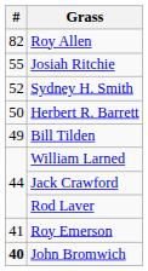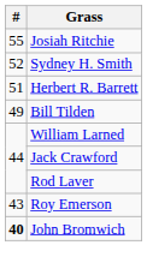 <table class=wikitable style="display:inline-table;">
 <tr>
 <th>#</th>
 <th>Grass</th>
-</tr>
-<tr>
-<td>82</td>
-<td> <a href='#'>Roy Allen</a></td>
 </tr>
 <tr>
 <td>55</td>
 <td> <a href='#'>Josiah Ritchie</a></td>
 </tr>
 <tr>
 <td>52</td>
 <td> <a href='#'>Sydney H. Smith</a></td>
 </tr>
 <tr>
-<td>50</td>
+<td>51</td>
 <td> <a href='#'>Herbert R. Barrett</a></td>
 </tr>
 <tr>
 <td>49</td>
 <td> <a href='#'>Bill Tilden</a></td>
 </tr>
 <tr>
 <td rowspan="3">44</td>
 <td> <a href='#'>William Larned</a></td>
 </tr>
 <tr>
 <td> <a href='#'>Jack Crawford</a></td>
 </tr>
 <tr>
 <td> <a href='#'>Rod Laver</a></td>
 </tr>
 <tr>
-<td>41</td>
+<td>43</td>
 <td> <a href='#'>Roy Emerson</a></td>
 </tr>
 <tr>
 <td><strong>40</strong></td>
 <td> <a href='#'>John Bromwich</a></td>
 </tr>
 </table>
